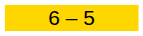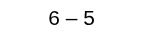 <table style="text-align:center">
 <tr>
 <th width=200></th>
 <th width=100></th>
 <th width=200></th>
 </tr>
 <tr>
 <td align=right><strong></strong></td>
-<td style="background: gold;">6 – 5</td>
+<td>6 – 5</td>
 <td align=left></td>
 </tr>
 </table>
